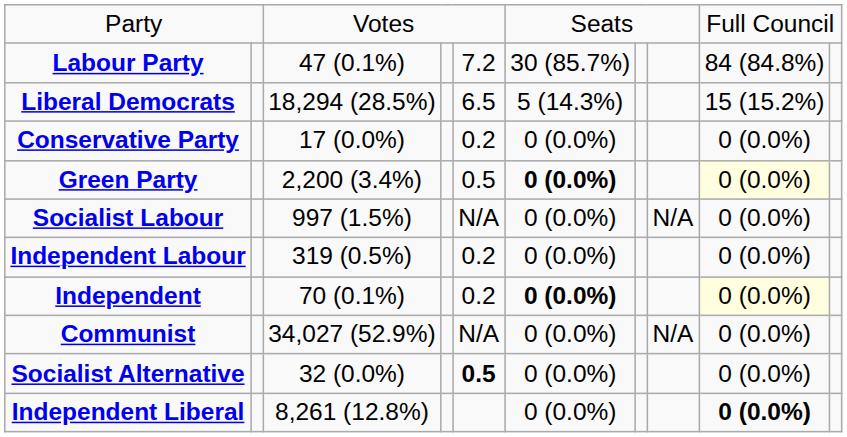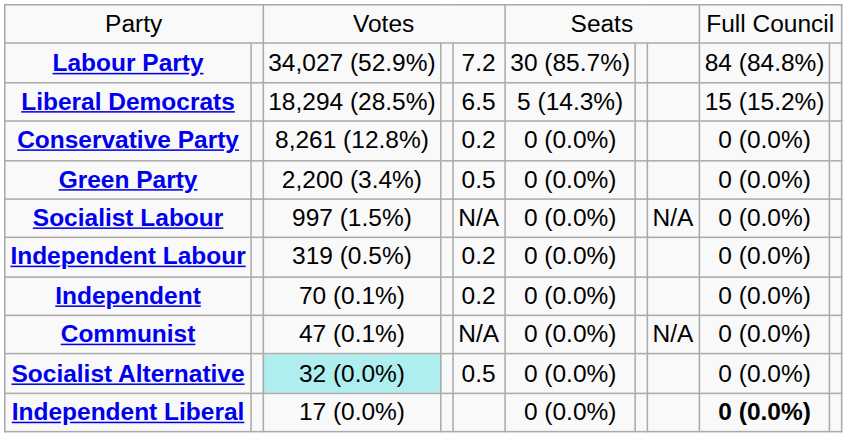 <table class=wikitable style="text-align:center;">
 <tr>
 <td colspan=2>Party</td>
 <td colspan=3>Votes</td>
 <td colspan=3>Seats</td>
 <td colspan=3>Full Council</td>
 </tr>
 <tr>
 <td><strong><a href='#'>Labour Party</a></strong></td>
 <td style="background:"></td>
-<td>47 (0.1%)</td>
+<td>34,027 (52.9%)</td>
 <td></td>
 <td> 7.2</td>
 <td>30 (85.7%)</td>
 <td></td>
 <td></td>
 <td>84 (84.8%)</td>
 <td></td>
 </tr>
 <tr>
 <td><strong><a href='#'>Liberal Democrats</a></strong></td>
 <td style="background:"></td>
 <td>18,294 (28.5%)</td>
 <td></td>
 <td> 6.5</td>
 <td>5 (14.3%)</td>
 <td></td>
 <td></td>
 <td>15 (15.2%)</td>
 <td></td>
 </tr>
 <tr>
 <td><strong><a href='#'>Conservative Party</a></strong></td>
 <td style="background:"></td>
-<td>17 (0.0%)</td>
+<td>8,261 (12.8%)</td>
 <td></td>
 <td> 0.2</td>
 <td>0 (0.0%)</td>
 <td></td>
 <td></td>
 <td>0 (0.0%)</td>
 <td></td>
 </tr>
 <tr>
 <td><strong><a href='#'>Green Party</a></strong></td>
 <td style="background:"></td>
 <td>2,200 (3.4%)</td>
 <td></td>
 <td> 0.5</td>
-<td><strong>0 (0.0%)</strong></td>
+<td>0 (0.0%)</td>
 <td></td>
 <td></td>
-<td style="background: lightyellow;">0 (0.0%)</td>
+<td>0 (0.0%)</td>
 <td></td>
 </tr>
 <tr>
 <td><strong><a href='#'>Socialist Labour</a></strong></td>
 <td style="background:"></td>
 <td>997 (1.5%)</td>
 <td></td>
 <td>N/A</td>
 <td>0 (0.0%)</td>
 <td></td>
 <td>N/A</td>
 <td>0 (0.0%)</td>
 <td></td>
 </tr>
 <tr>
 <td><strong><a href='#'>Independent Labour</a></strong></td>
 <td style="background:"></td>
 <td>319 (0.5%)</td>
 <td></td>
 <td> 0.2</td>
 <td>0 (0.0%)</td>
 <td></td>
 <td></td>
 <td>0 (0.0%)</td>
 <td></td>
 </tr>
 <tr>
 <td><strong><a href='#'>Independent</a></strong></td>
 <td style="background:"></td>
 <td>70 (0.1%)</td>
 <td></td>
 <td> 0.2</td>
-<td><strong>0 (0.0%)</strong></td>
+<td>0 (0.0%)</td>
 <td></td>
 <td></td>
-<td style="background: lightyellow;">0 (0.0%)</td>
+<td>0 (0.0%)</td>
 <td></td>
 </tr>
 <tr>
 <td><strong><a href='#'>Communist</a></strong></td>
 <td style="background:"></td>
-<td>34,027 (52.9%)</td>
+<td>47 (0.1%)</td>
 <td></td>
 <td>N/A</td>
 <td>0 (0.0%)</td>
 <td></td>
 <td>N/A</td>
 <td>0 (0.0%)</td>
 <td></td>
 </tr>
 <tr>
 <td><strong><a href='#'>Socialist Alternative</a></strong></td>
 <td style="background:"></td>
-<td>32 (0.0%)</td>
+<td style="background: paleturquoise;">32 (0.0%)</td>
 <td></td>
-<td><strong> 0.5</strong></td>
+<td> 0.5</td>
 <td>0 (0.0%)</td>
 <td></td>
 <td></td>
 <td>0 (0.0%)</td>
 <td></td>
 </tr>
 <tr>
 <td><strong><a href='#'>Independent Liberal</a></strong></td>
 <td style="background:"></td>
-<td>8,261 (12.8%)</td>
+<td>17 (0.0%)</td>
 <td></td>
 <td></td>
 <td>0 (0.0%)</td>
 <td></td>
 <td></td>
 <td><strong>0 (0.0%)</strong></td>
 <td></td>
 </tr>
 </table>
